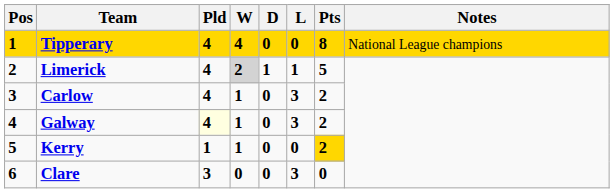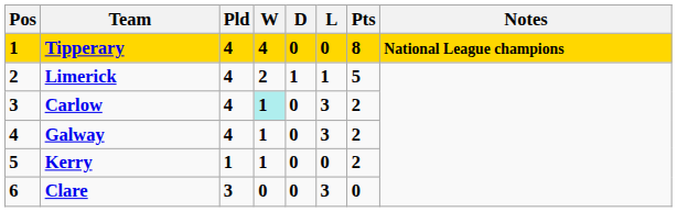 <table class="wikitable" style="text-align: centre;">
 <tr>
 <th width=20>Pos</th>
 <th width=150>Team</th>
 <th width=20>Pld</th>
 <th width=20>W</th>
 <th width=20>D</th>
 <th width=20>L</th>
 <th width=20>Pts</th>
 <th width=250>Notes</th>
 </tr>
 <tr style="background:gold;">
 <td><strong>1</strong></td>
 <td align=left><strong> <a href='#'>Tipperary</a></strong></td>
 <td><strong>4</strong></td>
 <td><strong>4</strong></td>
 <td><strong>0</strong></td>
 <td><strong>0</strong></td>
 <td><strong>8</strong></td>
-<td><small>National League champions</small></td>
+<td><strong><small>National League champions</small></strong></td>
 </tr>
 <tr>
 <td><strong>2</strong></td>
 <td align=left><strong> <a href='#'>Limerick</a></strong></td>
 <td><strong>4</strong></td>
-<td style="background: lightgrey;"><strong>2</strong></td>
+<td><strong>2</strong></td>
 <td><strong>1</strong></td>
 <td><strong>1</strong></td>
 <td><strong>5</strong></td>
 </tr>
 <tr>
 <td><strong>3</strong></td>
 <td align=left><strong> <a href='#'>Carlow</a></strong></td>
 <td><strong>4</strong></td>
-<td><strong>1</strong></td>
+<td style="background: paleturquoise;"><strong>1</strong></td>
 <td><strong>0</strong></td>
 <td><strong>3</strong></td>
 <td><strong>2</strong></td>
 </tr>
 <tr>
 <td><strong>4</strong></td>
 <td align=left><strong> <a href='#'>Galway</a></strong></td>
-<td style="background: lightyellow;"><strong>4</strong></td>
+<td><strong>4</strong></td>
 <td><strong>1</strong></td>
 <td><strong>0</strong></td>
 <td><strong>3</strong></td>
 <td><strong>2</strong></td>
 </tr>
 <tr>
 <td><strong>5</strong></td>
 <td align=left><strong> <a href='#'>Kerry</a></strong></td>
 <td><strong>1</strong></td>
 <td><strong>1</strong></td>
 <td><strong>0</strong></td>
 <td><strong>0</strong></td>
-<td style="background: gold;"><strong>2</strong></td>
+<td><strong>2</strong></td>
 </tr>
 <tr>
 <td><strong>6</strong></td>
 <td align=left><strong> <a href='#'>Clare</a></strong></td>
 <td><strong>3</strong></td>
 <td><strong>0</strong></td>
 <td><strong>0</strong></td>
 <td><strong>3</strong></td>
 <td><strong>0</strong></td>
 </tr>
 </table>
